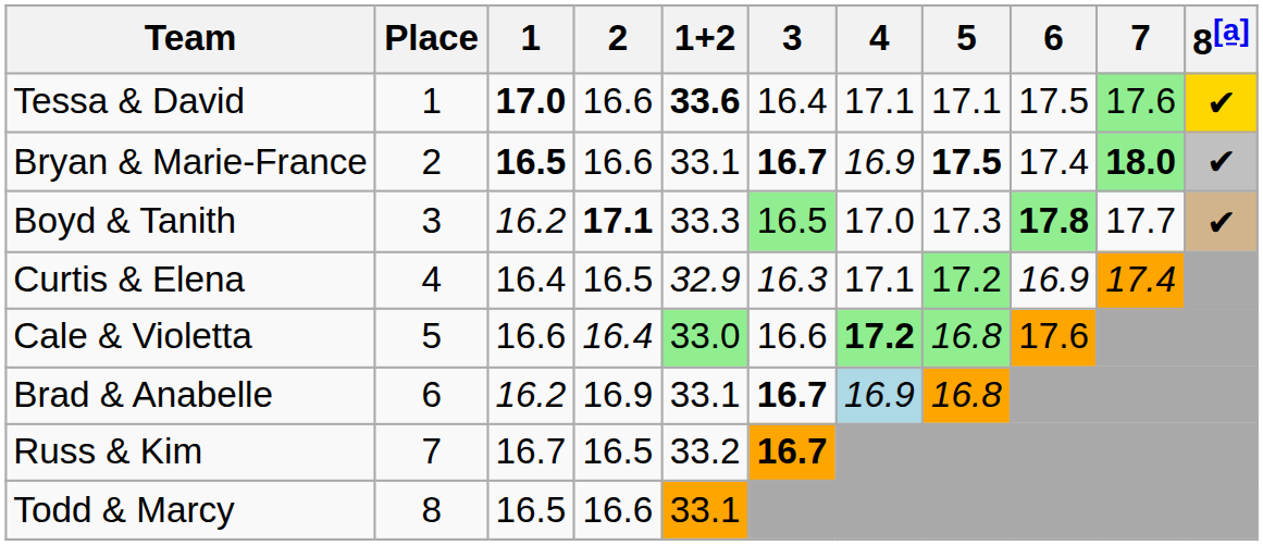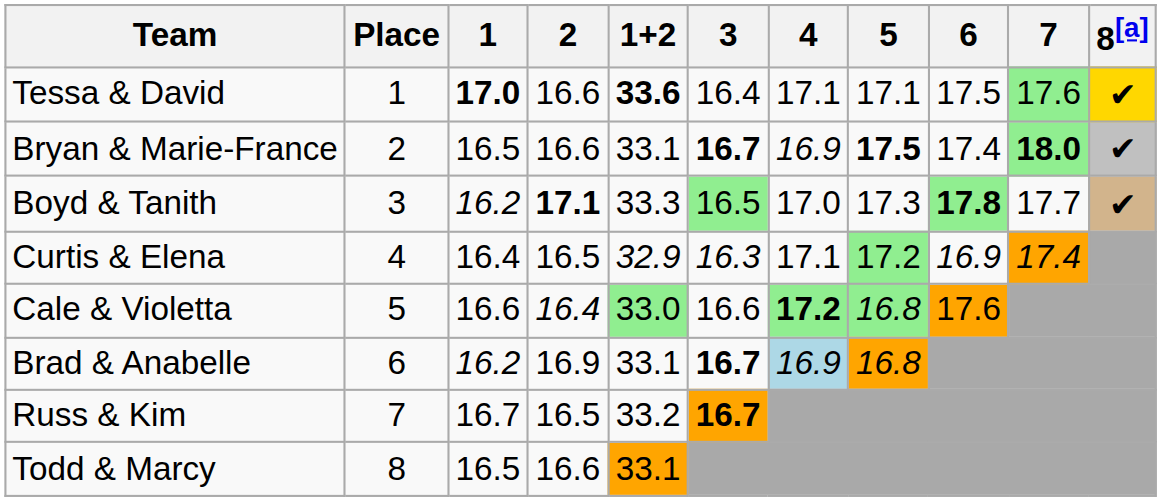 <table class="wikitable sortable" style="text-align:center; margin:auto;">
 <tr>
 <th>Team</th>
 <th>Place</th>
 <th>1</th>
 <th>2</th>
 <th>1+2</th>
 <th>3</th>
 <th>4</th>
 <th>5</th>
 <th>6</th>
 <th>7</th>
 <th>8<sup><a href='#'><strong>[a]</strong></a></sup></th>
 </tr>
 <tr>
 <td align="left">Tessa & David</td>
 <td>1</td>
 <td><span><strong>17.0</strong></span></td>
 <td>16.6</td>
 <td><span><strong>33.6</strong></span></td>
 <td>16.4</td>
 <td>17.1</td>
 <td>17.1</td>
 <td>17.5</td>
 <td style="background:lightgreen;">17.6</td>
 <td style="background:gold;">✔</td>
 </tr>
 <tr>
 <td align="left">Bryan & Marie-France</td>
 <td>2</td>
-<td><strong>16.5</strong></td>
+<td>16.5</td>
 <td>16.6</td>
 <td>33.1</td>
 <td><span><strong>16.7</strong></span></td>
 <td><span><em>16.9</em></span></td>
 <td><span><strong>17.5</strong></span></td>
 <td>17.4</td>
 <td style="background:lightgreen;"><span><strong>18.0</strong></span></td>
 <td style="background:silver;">✔</td>
 </tr>
 <tr>
 <td align="left">Boyd & Tanith</td>
 <td>3</td>
 <td><span><em>16.2</em></span></td>
 <td><span><strong>17.1</strong></span></td>
 <td>33.3</td>
 <td style="background:lightgreen;">16.5</td>
 <td>17.0</td>
 <td>17.3</td>
 <td style="background:lightgreen;"><span><strong>17.8</strong></span></td>
 <td>17.7</td>
 <td style="background:tan;">✔</td>
 </tr>
 <tr>
 <td align="left">Curtis & Elena</td>
 <td>4</td>
 <td>16.4</td>
 <td>16.5</td>
 <td><span><em>32.9</em></span></td>
 <td><span><em>16.3</em></span></td>
 <td>17.1</td>
 <td style="background:lightgreen;">17.2</td>
 <td><span><em>16.9</em></span></td>
 <td style="background:orange;"><span><em>17.4</em></span></td>
 <td style="background:darkgray;"></td>
 </tr>
 <tr>
 <td align="left">Cale & Violetta</td>
 <td>5</td>
 <td>16.6</td>
 <td><span><em>16.4</em></span></td>
 <td style="background:lightgreen;">33.0</td>
 <td>16.6</td>
 <td style="background:lightgreen;"><span><strong>17.2</strong></span></td>
 <td style="background:lightgreen;"><span><em>16.8</em></span></td>
 <td style="background:orange;">17.6</td>
 <td style="background:darkgray;" colspan="2"></td>
 </tr>
 <tr>
 <td align="left">Brad & Anabelle</td>
 <td>6</td>
 <td><span><em>16.2</em></span></td>
 <td>16.9</td>
 <td>33.1</td>
 <td><span><strong>16.7</strong></span></td>
 <td style="background:lightblue;"><span><em>16.9</em></span></td>
 <td style="background:orange;"><span><em>16.8</em></span></td>
 <td style="background:darkgray;" colspan="3"></td>
 </tr>
 <tr>
 <td align="left">Russ & Kim</td>
 <td>7</td>
 <td>16.7</td>
 <td>16.5</td>
 <td>33.2</td>
 <td style="background:orange;"><span><strong>16.7</strong></span></td>
 <td style="background:darkgray;" colspan="5"></td>
 </tr>
 <tr>
 <td align="left">Todd & Marcy</td>
 <td>8</td>
 <td>16.5</td>
 <td>16.6</td>
 <td style="background:orange;">33.1</td>
 <td style="background:darkgray;" colspan="6"></td>
 </tr>
 </table>
